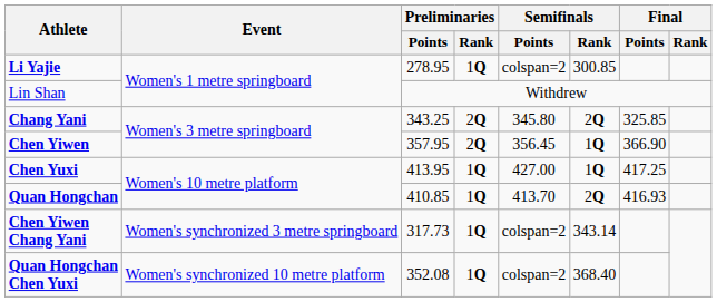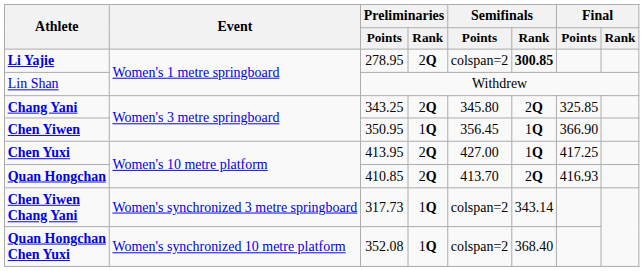 <table class=wikitable style="font-size:90%">
 <tr>
 <th rowspan="2">Athlete</th>
 <th rowspan="2">Event</th>
 <th colspan="2">Preliminaries</th>
 <th colspan="2">Semifinals</th>
 <th colspan="2">Final</th>
 </tr>
 <tr style="font-size:95%">
 <th>Points</th>
 <th>Rank</th>
 <th>Points</th>
 <th>Rank</th>
 <th>Points</th>
 <th>Rank</th>
 </tr>
 <tr align=center>
 <td align=left><strong><a href='#'>Li Yajie</a></strong></td>
 <td align=left rowspan=2><a href='#'>Women's 1 metre springboard</a></td>
 <td>278.95</td>
-<td>1<strong>Q</strong></td>
+<td>2<strong>Q</strong></td>
 <td>colspan=2 </td>
-<td>300.85</td>
+<td><strong>300.85</strong></td>
 <td></td>
 </tr>
 <tr align=center>
 <td align=left><a href='#'>Lin Shan</a></td>
 <td colspan=6>Withdrew</td>
 </tr>
 <tr align=center>
 <td align=left><strong><a href='#'>Chang Yani</a></strong></td>
 <td align=left rowspan=2><a href='#'>Women's 3 metre springboard</a></td>
 <td>343.25</td>
 <td>2<strong>Q</strong></td>
 <td>345.80</td>
 <td>2<strong>Q</strong></td>
 <td>325.85</td>
 <td></td>
 </tr>
 <tr align=center>
 <td align=left><strong><a href='#'>Chen Yiwen</a></strong></td>
-<td>357.95</td>
-<td>2<strong>Q</strong></td>
+<td>350.95</td>
+<td>1<strong>Q</strong></td>
 <td>356.45</td>
 <td>1<strong>Q</strong></td>
 <td>366.90</td>
 <td></td>
 </tr>
 <tr align=center>
 <td align=left><strong><a href='#'>Chen Yuxi</a></strong></td>
 <td align=left rowspan=2><a href='#'>Women's 10 metre platform</a></td>
 <td>413.95</td>
-<td>1<strong>Q</strong></td>
+<td>2<strong>Q</strong></td>
 <td>427.00</td>
 <td>1<strong>Q</strong></td>
 <td>417.25</td>
 <td></td>
 </tr>
 <tr align=center>
 <td align=left><strong><a href='#'>Quan Hongchan</a></strong></td>
 <td>410.85</td>
-<td>1<strong>Q</strong></td>
+<td>2<strong>Q</strong></td>
 <td>413.70</td>
 <td>2<strong>Q</strong></td>
 <td>416.93</td>
 <td></td>
 </tr>
 <tr align=center>
 <td align=left><strong><a href='#'>Chen Yiwen</a><br><a href='#'>Chang Yani</a></strong></td>
 <td align=left><a href='#'>Women's synchronized 3 metre springboard</a></td>
 <td>317.73</td>
 <td>1<strong>Q</strong></td>
 <td>colspan=2 </td>
 <td>343.14</td>
 <td></td>
 </tr>
 <tr align=center>
 <td align=left><strong><a href='#'>Quan Hongchan</a><br><a href='#'>Chen Yuxi</a></strong></td>
 <td align=left><a href='#'>Women's synchronized 10 metre platform</a></td>
 <td>352.08</td>
 <td>1<strong>Q</strong></td>
 <td>colspan=2 </td>
 <td>368.40</td>
 <td></td>
 </tr>
 </table>
